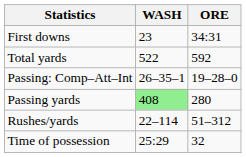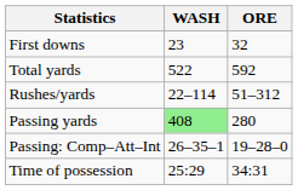 <table class="wikitable" style="float: left;">
 <tr>
 <th>Statistics</th>
 <th>WASH</th>
 <th>ORE</th>
 </tr>
 <tr>
 <td>First downs</td>
 <td>23</td>
-<td>34:31</td>
+<td>32</td>
 </tr>
 <tr>
 <td>Total yards</td>
 <td>522</td>
 <td>592</td>
 </tr>
 <tr>
-<td>Passing: Comp–Att–Int</td>
-<td>26–35–1</td>
-<td>19–28–0</td>
+<td>Rushes/yards</td>
+<td>22–114</td>
+<td>51–312</td>
 </tr>
 <tr>
 <td>Passing yards</td>
 <td style="background: lightgreen;">408</td>
 <td>280</td>
 </tr>
 <tr>
-<td>Rushes/yards</td>
-<td>22–114</td>
-<td>51–312</td>
+<td>Passing: Comp–Att–Int</td>
+<td>26–35–1</td>
+<td>19–28–0</td>
 </tr>
 <tr>
 <td>Time of possession</td>
 <td>25:29</td>
-<td>32</td>
+<td>34:31</td>
 </tr>
 </table>
